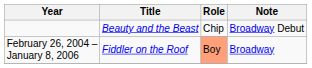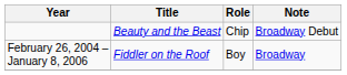 <table class="wikitable">
 <tr>
 <th>Year</th>
 <th>Title</th>
 <th>Role</th>
 <th>Note</th>
 </tr>
 <tr>
 <td></td>
 <td><em><a href='#'>Beauty and the Beast</a></em></td>
 <td>Chip</td>
 <td><a href='#'>Broadway</a> Debut</td>
 </tr>
 <tr>
 <td>February 26, 2004 –<br> January 8, 2006</td>
 <td><em><a href='#'>Fiddler on the Roof</a></em></td>
-<td style="background: lightsalmon;">Boy</td>
+<td>Boy</td>
 <td><a href='#'>Broadway</a></td>
 </tr>
 <tr>
 </tr>
 </table>
